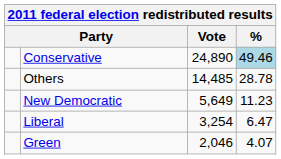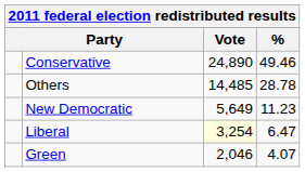 <table class="wikitable">
 <tr>
 <th colspan="4"><a href='#'>2011 federal election</a> redistributed results</th>
 </tr>
 <tr>
 <th bgcolor="#DDDDFF" width="130px" colspan="2">Party</th>
 <th bgcolor="#DDDDFF" width="50px">Vote</th>
 <th bgcolor="#DDDDFF" width="30px">%</th>
 </tr>
 <tr>
 <td> </td>
 <td><a href='#'>Conservative</a></td>
 <td align=right>24,890</td>
-<td align=right style="background: lightblue;">49.46</td>
+<td align=right>49.46</td>
 </tr>
 <tr>
 <td> </td>
 <td>Others</td>
 <td align=right>14,485</td>
 <td align=right>28.78</td>
 </tr>
 <tr>
 <td> </td>
 <td><a href='#'>New Democratic</a></td>
 <td align=right>5,649</td>
 <td align=right>11.23</td>
 </tr>
 <tr>
 <td> </td>
 <td><a href='#'>Liberal</a></td>
-<td align=right>3,254</td>
+<td align=right style="background: lightyellow;">3,254</td>
 <td align=right>6.47</td>
 </tr>
 <tr>
 <td> </td>
 <td><a href='#'>Green</a></td>
 <td align=right>2,046</td>
 <td align=right>4.07</td>
 </tr>
 </table>
